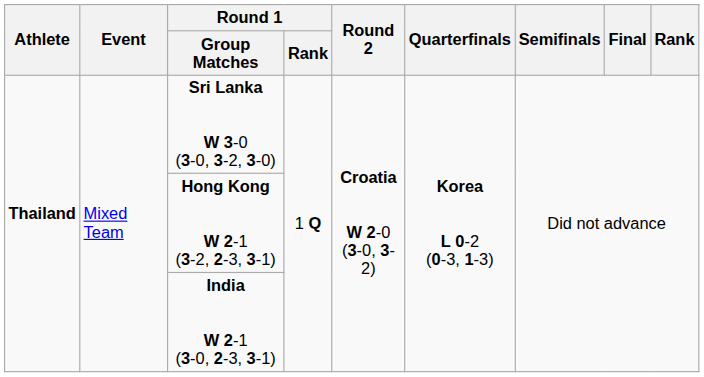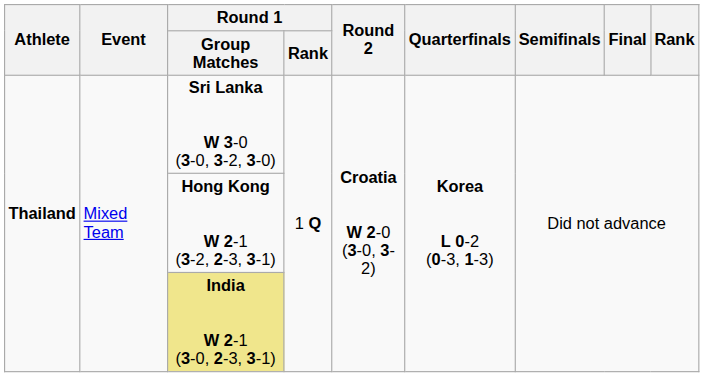 <table class="wikitable" border="1" style="font-size:90%">
 <tr>
 <th rowspan=2>Athlete</th>
 <th rowspan=2>Event</th>
 <th colspan=2>Round 1</th>
 <th rowspan=2>Round 2</th>
 <th rowspan=2>Quarterfinals</th>
 <th rowspan=2>Semifinals</th>
 <th rowspan=2>Final</th>
 <th rowspan=2>Rank</th>
 </tr>
 <tr>
 <th>Group Matches</th>
 <th>Rank</th>
 </tr>
 <tr>
 <td rowspan=3><strong>Thailand</strong><br><br></td>
 <td rowspan=3><a href='#'>Mixed Team</a></td>
 <td align=center><strong>Sri Lanka</strong><br><br><br> <strong>W</strong> <strong>3</strong>-0 <br> (<strong>3</strong>-0, <strong>3</strong>-2, <strong>3</strong>-0)</td>
 <td rowspan=3 align=center>1 <strong>Q</strong></td>
 <td align=center rowspan=3><strong>Croatia</strong><br><br><br> <strong>W</strong> <strong>2</strong>-0 <br> (<strong>3</strong>-0, <strong>3</strong>-2)</td>
 <td align=center rowspan=3><strong>Korea</strong><br><br><br> <strong>L</strong> <strong>0</strong>-2 <br> (<strong>0</strong>-3, <strong>1</strong>-3)</td>
 <td rowspan=3 colspan=3 align=center>Did not advance</td>
 </tr>
 <tr>
 <td align=center><strong>Hong Kong</strong><br><br><br> <strong>W</strong> <strong>2</strong>-1 <br> (<strong>3</strong>-2, <strong>2</strong>-3, <strong>3</strong>-1)</td>
 </tr>
 <tr>
-<td align=center><strong>India</strong><br><br><br> <strong>W</strong> <strong>2</strong>-1 <br> (<strong>3</strong>-0, <strong>2</strong>-3, <strong>3</strong>-1)</td>
+<td align=center style="background: khaki;"><strong>India</strong><br><br><br> <strong>W</strong> <strong>2</strong>-1 <br> (<strong>3</strong>-0, <strong>2</strong>-3, <strong>3</strong>-1)</td>
 </tr>
 </table>
